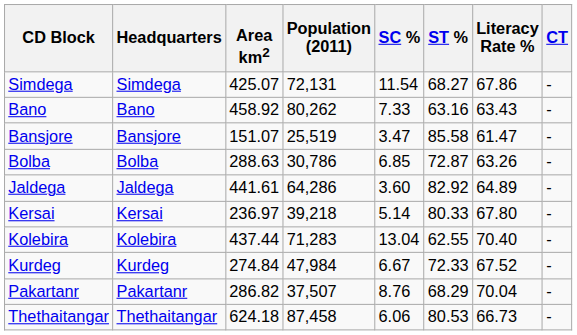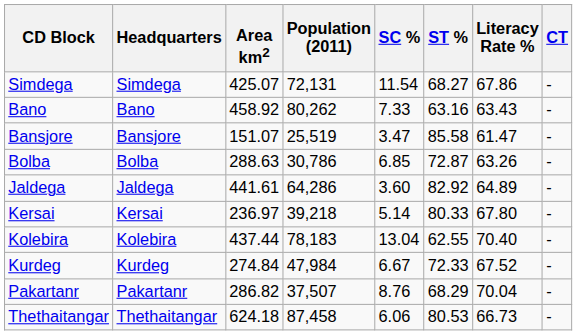 <table class="wikitable sortable">
 <tr>
 <th>CD Block</th>
 <th>Headquarters</th>
 <th><br>Area<br>km<sup>2</sup></th>
 <th>Population<br>(2011)</th>
 <th><a href='#'>SC</a> %</th>
 <th><a href='#'>ST</a> %</th>
 <th>Literacy<br> Rate %</th>
 <th><a href='#'>CT</a></th>
 </tr>
 <tr>
 <td><a href='#'>Simdega</a></td>
 <td><a href='#'>Simdega</a></td>
 <td>425.07</td>
 <td>72,131</td>
 <td>11.54</td>
 <td>68.27</td>
 <td>67.86</td>
 <td>-</td>
 </tr>
 <tr>
 <td><a href='#'>Bano</a></td>
 <td><a href='#'>Bano</a></td>
 <td>458.92</td>
 <td>80,262</td>
 <td>7.33</td>
 <td>63.16</td>
 <td>63.43</td>
 <td>-</td>
 </tr>
 <tr>
 <td><a href='#'>Bansjore</a></td>
 <td><a href='#'>Bansjore</a></td>
 <td>151.07</td>
 <td>25,519</td>
 <td>3.47</td>
 <td>85.58</td>
 <td>61.47</td>
 <td>-</td>
 </tr>
 <tr>
 <td><a href='#'>Bolba</a></td>
 <td><a href='#'>Bolba</a></td>
 <td>288.63</td>
 <td>30,786</td>
 <td>6.85</td>
 <td>72.87</td>
 <td>63.26</td>
 <td>-</td>
 </tr>
 <tr>
 <td><a href='#'>Jaldega</a></td>
 <td><a href='#'>Jaldega</a></td>
 <td>441.61</td>
 <td>64,286</td>
 <td>3.60</td>
 <td>82.92</td>
 <td>64.89</td>
 <td>-</td>
 </tr>
 <tr>
 <td><a href='#'>Kersai</a></td>
 <td><a href='#'>Kersai</a></td>
 <td>236.97</td>
 <td>39,218</td>
 <td>5.14</td>
 <td>80.33</td>
 <td>67.80</td>
 <td>-</td>
 </tr>
 <tr>
 <td><a href='#'>Kolebira</a></td>
 <td><a href='#'>Kolebira</a></td>
 <td>437.44</td>
-<td>71,283</td>
+<td>78,183</td>
 <td>13.04</td>
 <td>62.55</td>
 <td>70.40</td>
 <td>-</td>
 </tr>
 <tr>
 <td><a href='#'>Kurdeg</a></td>
 <td><a href='#'>Kurdeg</a></td>
 <td>274.84</td>
 <td>47,984</td>
 <td>6.67</td>
 <td>72.33</td>
 <td>67.52</td>
 <td>-</td>
 </tr>
 <tr>
 <td><a href='#'>Pakartanr</a></td>
 <td><a href='#'>Pakartanr</a></td>
 <td>286.82</td>
 <td>37,507</td>
 <td>8.76</td>
 <td>68.29</td>
 <td>70.04</td>
 <td>-</td>
 </tr>
 <tr>
 <td><a href='#'>Thethaitangar</a></td>
 <td><a href='#'>Thethaitangar</a></td>
 <td>624.18</td>
 <td>87,458</td>
 <td>6.06</td>
 <td>80.53</td>
 <td>66.73</td>
 <td>-</td>
 </tr>
 </table>
